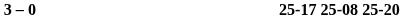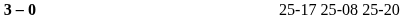 <table width=100% cellspacing=1>
 <tr>
 <th width=20%></th>
 <th width=12%></th>
 <th width=20%></th>
 <th width=33%></th>
 <td></td>
 </tr>
 <tr style=font-size:90%>
 <td align=right><strong></strong></td>
 <td align=center><strong>3 – 0</strong></td>
 <td></td>
-<td><strong>25-17 25-08 25-20</strong></td>
+<td>25-17 25-08 25-20</td>
 </tr>
 </table>
